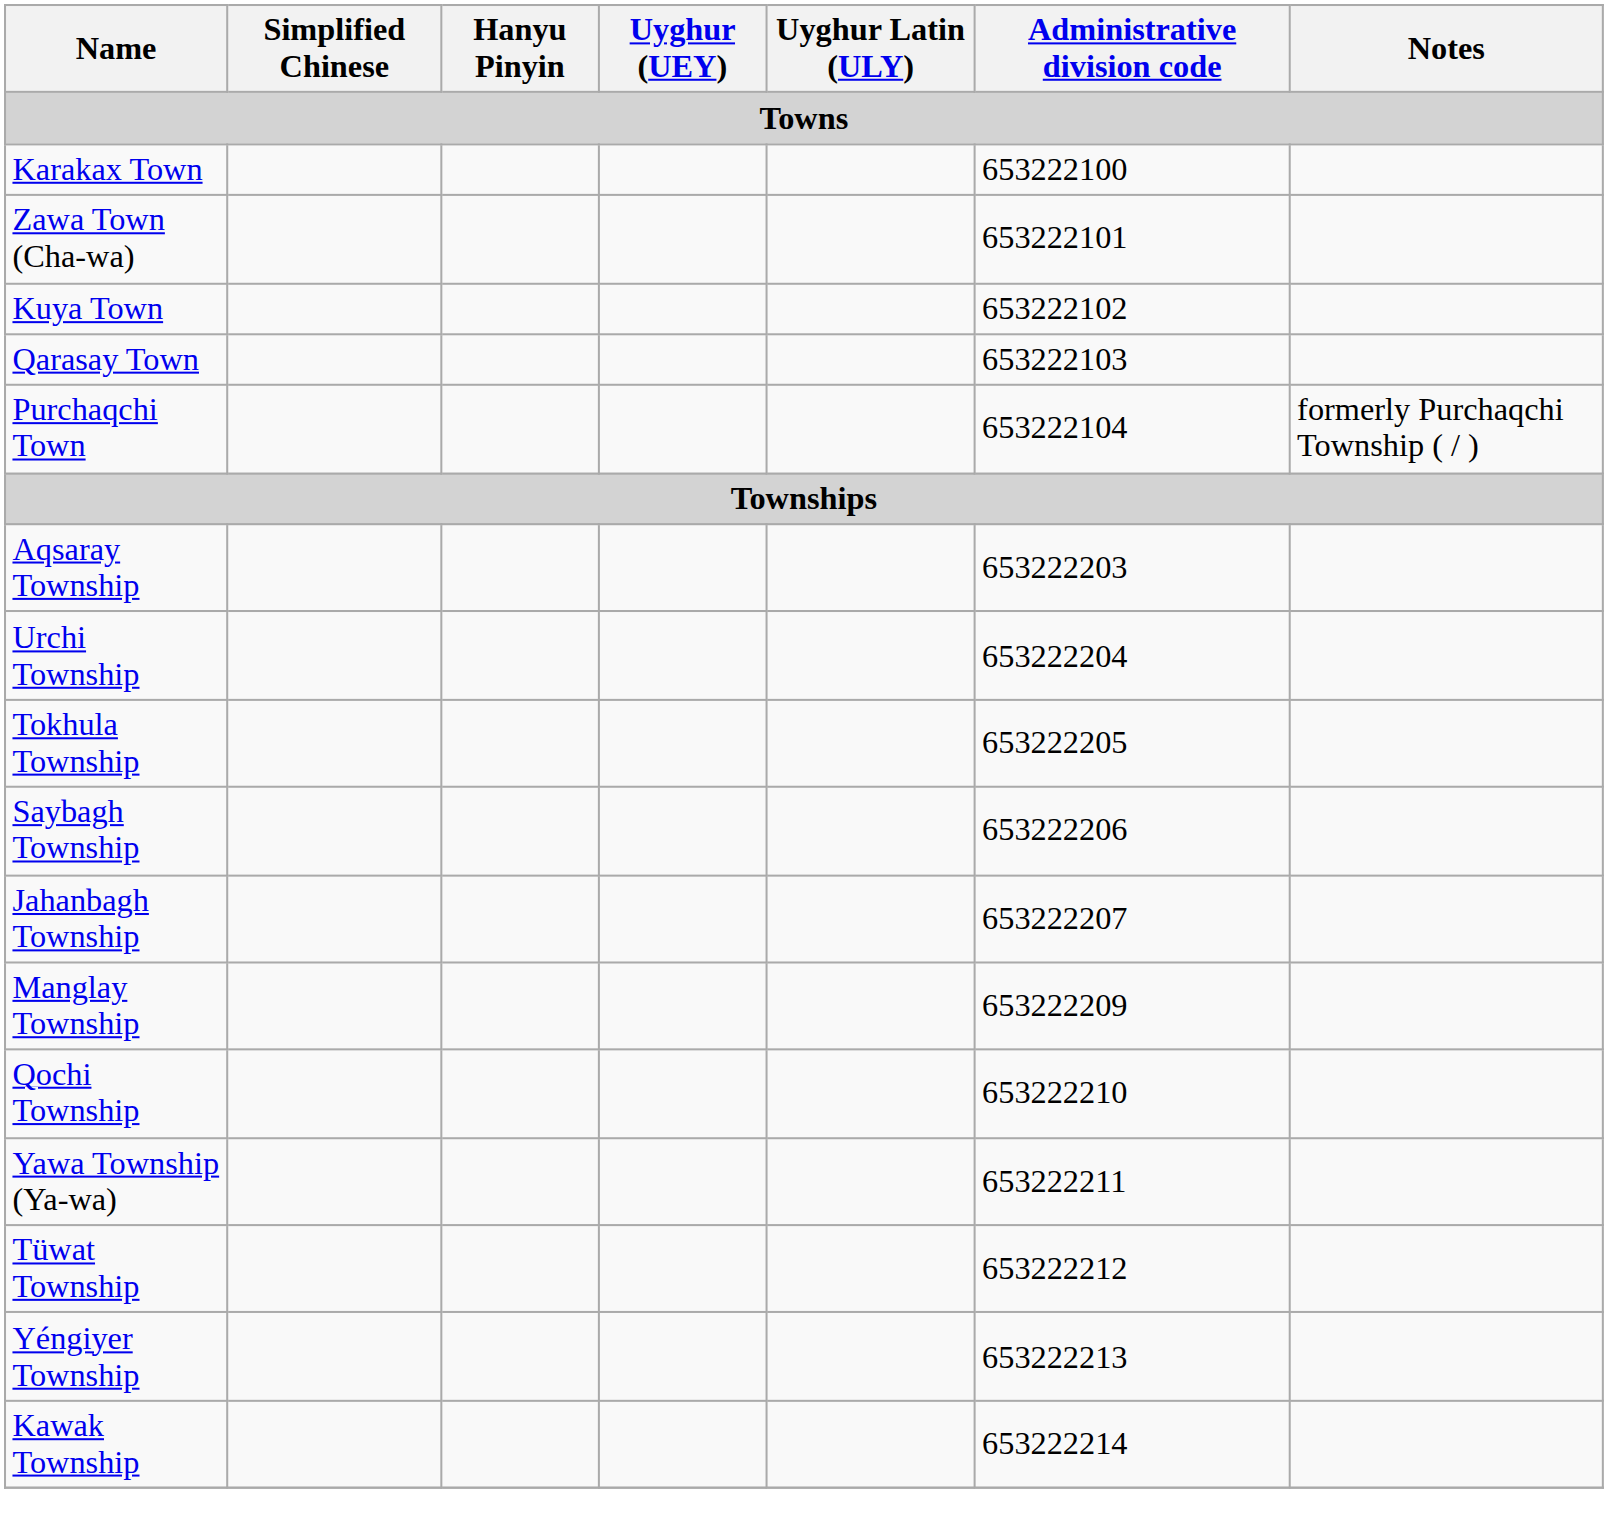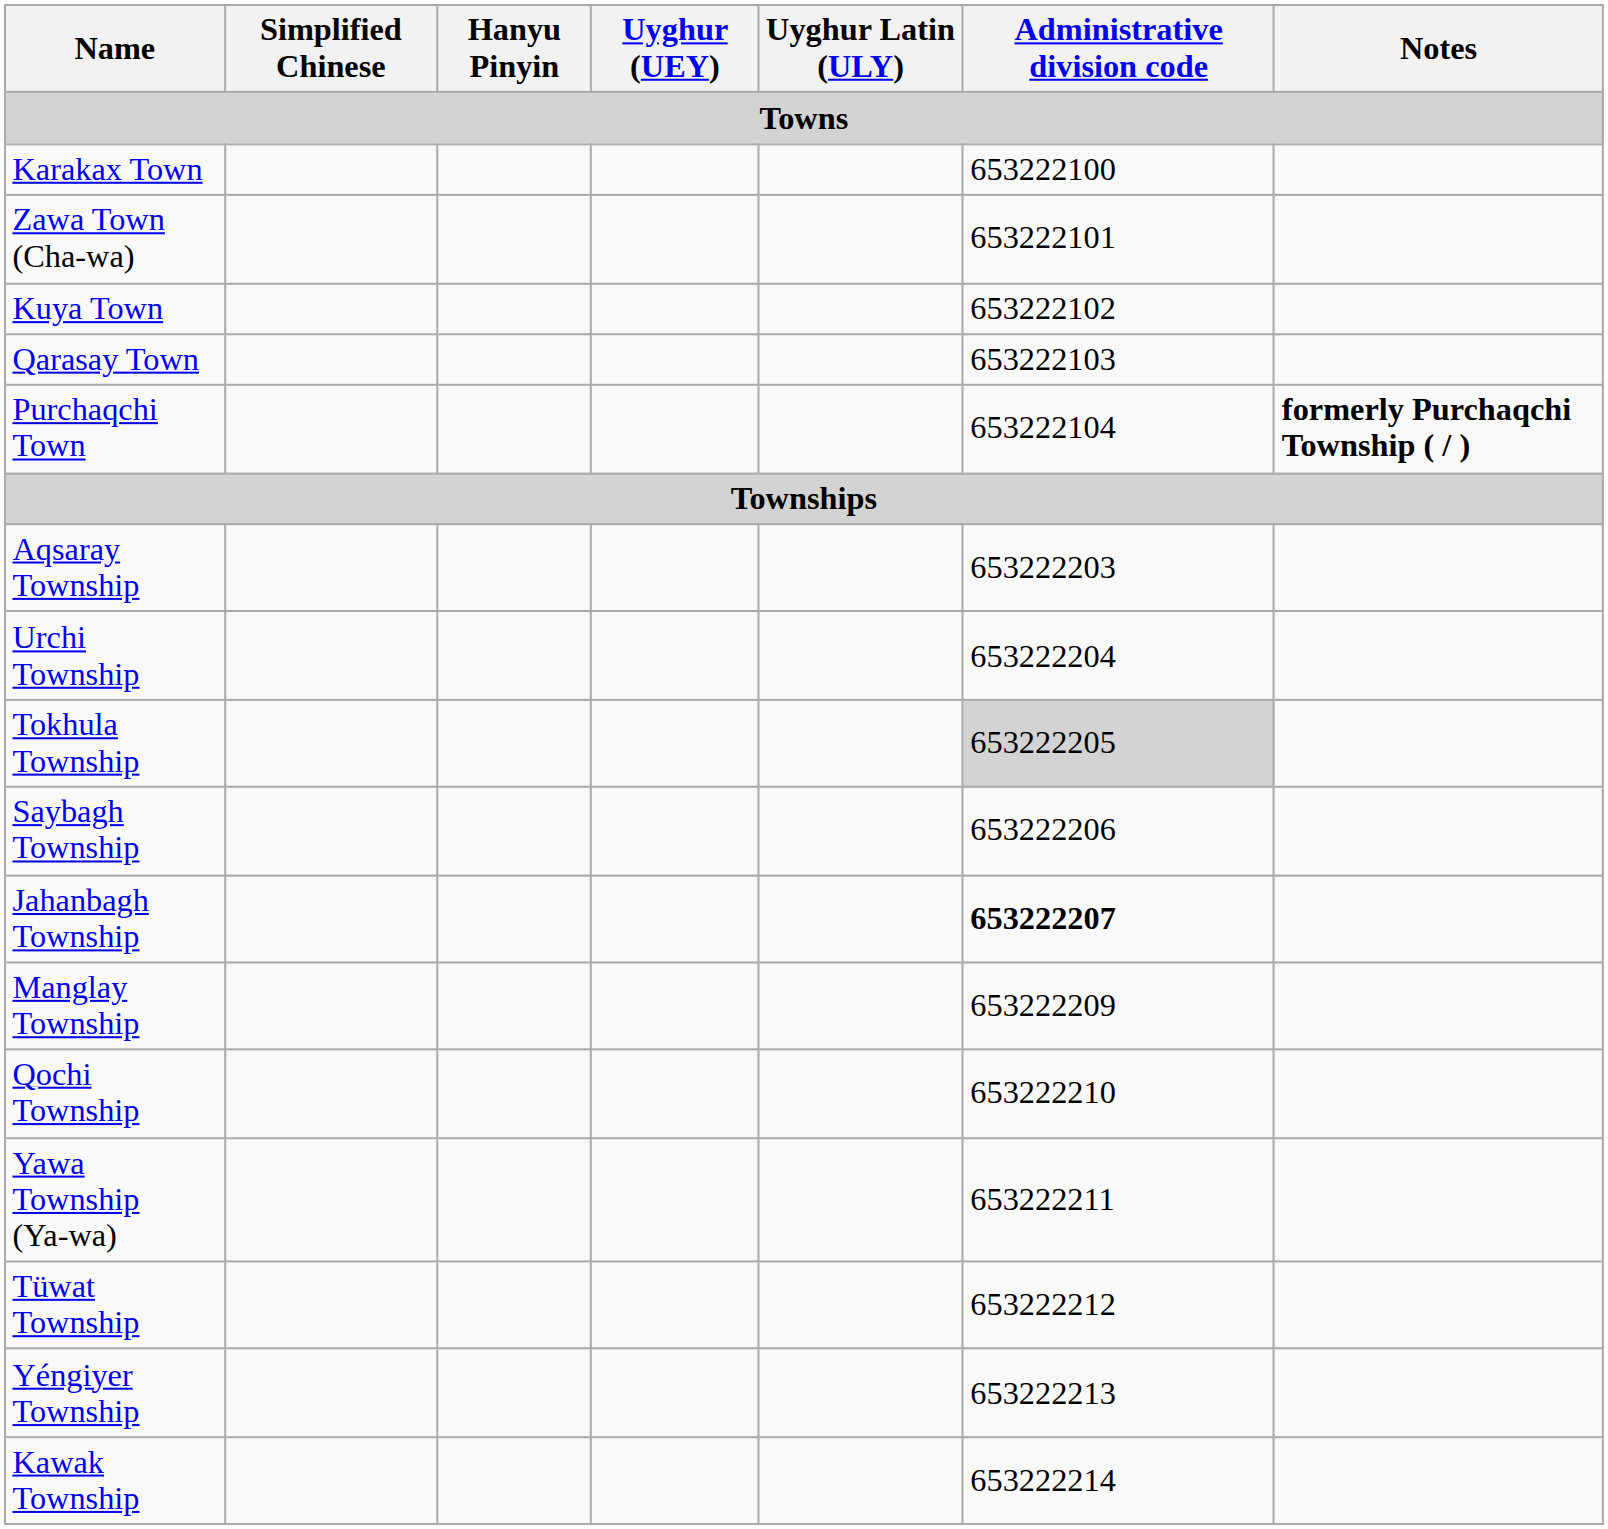 <table class="wikitable" align="center" style="width:50%; border="1">
 <tr>
 <th>Name</th>
 <th>Simplified Chinese</th>
 <th>Hanyu Pinyin</th>
 <th><a href='#'>Uyghur</a> (<a href='#'>UEY</a>)</th>
 <th>Uyghur Latin (<a href='#'>ULY</a>)</th>
 <th><a href='#'>Administrative division code</a></th>
 <th>Notes</th>
 </tr>
 <tr>
 <td colspan="8"  style="text-align:center; background:#d3d3d3;"><strong>Towns</strong></td>
 </tr>
 <tr --------->
 <td><a href='#'>Karakax Town</a></td>
 <td></td>
 <td></td>
 <td></td>
 <td></td>
 <td>653222100</td>
 <td></td>
 </tr>
 <tr>
 <td><a href='#'>Zawa Town</a><br>(Cha-wa)</td>
 <td></td>
 <td></td>
 <td></td>
 <td></td>
 <td>653222101</td>
 <td></td>
 </tr>
 <tr>
 <td><a href='#'>Kuya Town</a></td>
 <td></td>
 <td></td>
 <td></td>
 <td></td>
 <td>653222102</td>
 <td></td>
 </tr>
 <tr>
 <td><a href='#'>Qarasay Town</a></td>
 <td></td>
 <td></td>
 <td></td>
 <td></td>
 <td>653222103</td>
 <td></td>
 </tr>
 <tr>
 <td><a href='#'>Purchaqchi Town</a></td>
 <td></td>
 <td></td>
 <td></td>
 <td></td>
 <td>653222104</td>
-<td>formerly Purchaqchi Township ( / )</td>
+<td><strong>formerly Purchaqchi Township ( / )</strong></td>
 </tr>
 <tr>
 <td colspan="8"  style="text-align:center; background:#d3d3d3;"><strong>Townships</strong></td>
 </tr>
 <tr --------->
 <td><a href='#'>Aqsaray Township</a></td>
 <td></td>
 <td></td>
 <td></td>
 <td></td>
 <td>653222203</td>
 <td></td>
 </tr>
 <tr>
 <td><a href='#'>Urchi Township</a></td>
 <td></td>
 <td></td>
 <td></td>
 <td></td>
 <td>653222204</td>
 <td></td>
 </tr>
 <tr>
 <td><a href='#'>Tokhula Township</a></td>
 <td></td>
 <td></td>
 <td></td>
 <td></td>
-<td>653222205</td>
+<td style="background: lightgrey;">653222205</td>
 <td></td>
 </tr>
 <tr>
 <td><a href='#'>Saybagh Township</a></td>
 <td></td>
 <td></td>
 <td></td>
 <td></td>
 <td>653222206</td>
 <td></td>
 </tr>
 <tr>
 <td><a href='#'>Jahanbagh Township</a></td>
 <td></td>
 <td></td>
 <td></td>
 <td></td>
-<td>653222207</td>
+<td><strong>653222207</strong></td>
 <td></td>
 </tr>
 <tr>
 <td><a href='#'>Manglay Township</a></td>
 <td></td>
 <td></td>
 <td></td>
 <td></td>
 <td>653222209</td>
 <td></td>
 </tr>
 <tr>
 <td><a href='#'>Qochi Township</a></td>
 <td></td>
 <td></td>
 <td></td>
 <td></td>
 <td>653222210</td>
 <td></td>
 </tr>
 <tr>
 <td><a href='#'>Yawa Township</a><br>(Ya-wa)</td>
 <td></td>
 <td></td>
 <td></td>
 <td></td>
 <td>653222211</td>
 <td></td>
 </tr>
 <tr>
 <td><a href='#'>Tüwat Township</a></td>
 <td></td>
 <td></td>
 <td></td>
 <td></td>
 <td>653222212</td>
 <td></td>
 </tr>
 <tr>
 <td><a href='#'>Yéngiyer Township</a></td>
 <td></td>
 <td></td>
 <td></td>
 <td></td>
 <td>653222213</td>
 <td></td>
 </tr>
 <tr>
 <td><a href='#'>Kawak Township</a></td>
 <td></td>
 <td></td>
 <td></td>
 <td></td>
 <td>653222214</td>
 <td></td>
 </tr>
 <tr>
 </tr>
 </table>
